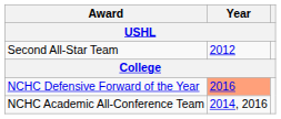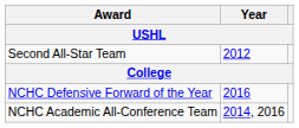 <table class="wikitable">
 <tr>
 <th>Award</th>
 <th>Year</th>
 <th></th>
 </tr>
 <tr ALIGN="center" bgcolor="#e0e0e0">
 <th colspan="3"><a href='#'>USHL</a></th>
 </tr>
 <tr>
 <td>Second All-Star Team</td>
 <td><a href='#'>2012</a></td>
 <td></td>
 </tr>
 <tr ALIGN="center" bgcolor="#e0e0e0">
 <th colspan="3"><a href='#'>College</a></th>
 </tr>
 <tr>
 <td><a href='#'>NCHC Defensive Forward of the Year</a></td>
-<td style="background: lightsalmon;"><a href='#'>2016</a></td>
+<td><a href='#'>2016</a></td>
 <td rowspan="2"></td>
 </tr>
 <tr>
 <td>NCHC Academic All-Conference Team</td>
 <td><a href='#'>2014</a>, 2016</td>
 </tr>
 </table>
